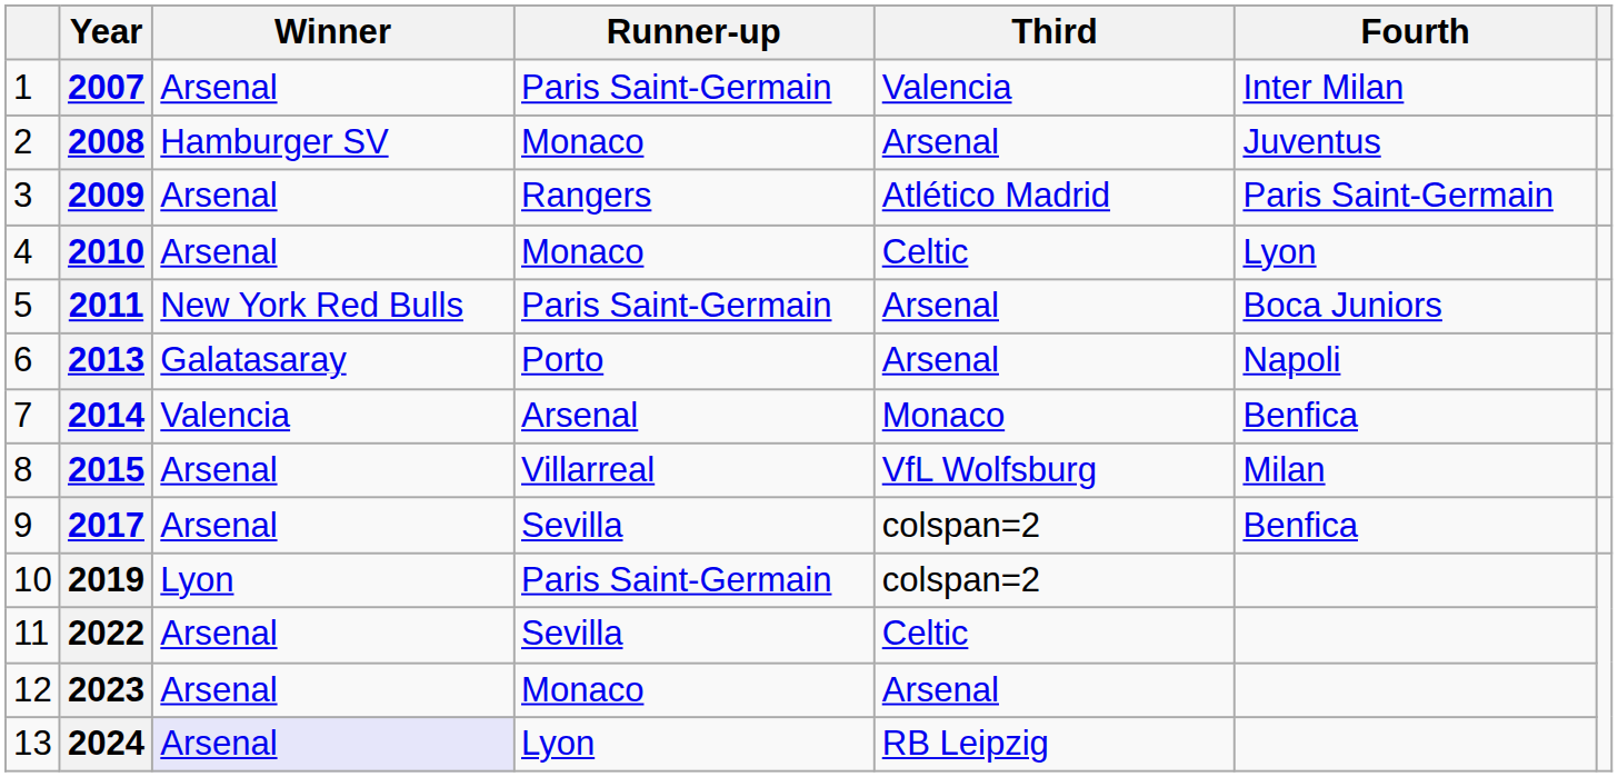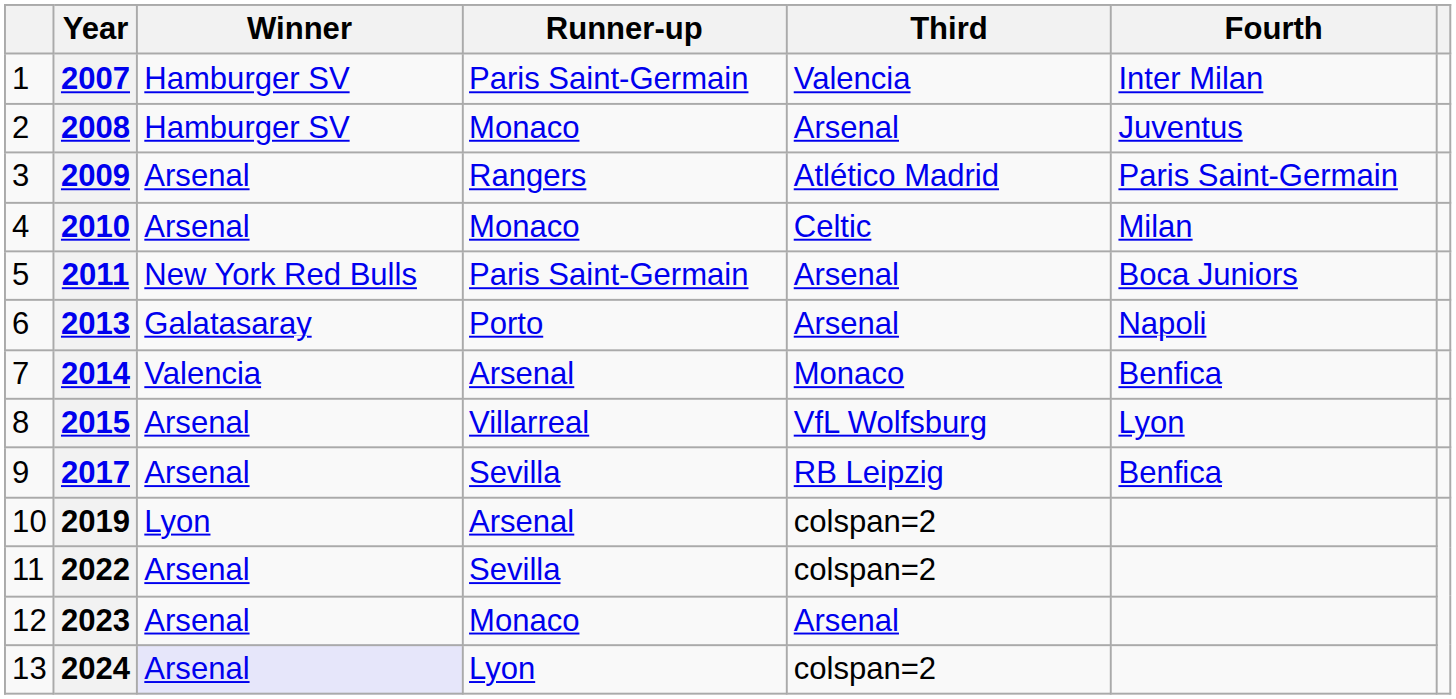 <table class="wikitable plainrowheaders sortable">
 <tr>
 <th scope="col"></th>
 <th scope="col">Year</th>
 <th style="width:160px;">Winner</th>
 <th style="width:160px;">Runner-up</th>
 <th style="width:160px;">Third</th>
 <th style="width:160px;">Fourth</th>
 <th class="unsortable"></th>
 </tr>
 <tr>
 <td>1</td>
 <th scope="row"><a href='#'>2007</a></th>
-<td> <a href='#'>Arsenal</a></td>
+<td> <a href='#'>Hamburger SV</a></td>
 <td> <a href='#'>Paris Saint-Germain</a></td>
 <td> <a href='#'>Valencia</a></td>
 <td> <a href='#'>Inter Milan</a></td>
 <td></td>
 </tr>
 <tr>
 <td>2</td>
 <th scope="row"><a href='#'>2008</a></th>
 <td> <a href='#'>Hamburger SV</a></td>
 <td> <a href='#'>Monaco</a></td>
 <td> <a href='#'>Arsenal</a></td>
 <td> <a href='#'>Juventus</a></td>
 <td></td>
 </tr>
 <tr>
 <td>3</td>
 <th scope="row"><a href='#'>2009</a></th>
 <td> <a href='#'>Arsenal</a> </td>
 <td> <a href='#'>Rangers</a></td>
 <td> <a href='#'>Atlético Madrid</a></td>
 <td> <a href='#'>Paris Saint-Germain</a></td>
 <td></td>
 </tr>
 <tr>
 <td>4</td>
 <th scope="row"><a href='#'>2010</a></th>
 <td> <a href='#'>Arsenal</a> </td>
 <td> <a href='#'>Monaco</a></td>
 <td> <a href='#'>Celtic</a></td>
-<td> <a href='#'>Lyon</a></td>
+<td> <a href='#'>Milan</a></td>
 <td></td>
 </tr>
 <tr>
 <td>5</td>
 <th scope="row"><a href='#'>2011</a></th>
 <td> <a href='#'>New York Red Bulls</a></td>
 <td> <a href='#'>Paris Saint-Germain</a></td>
 <td> <a href='#'>Arsenal</a></td>
 <td> <a href='#'>Boca Juniors</a></td>
 <td></td>
 </tr>
 <tr>
 <td>6</td>
 <th scope="row"><a href='#'>2013</a></th>
 <td> <a href='#'>Galatasaray</a></td>
 <td> <a href='#'>Porto</a></td>
 <td> <a href='#'>Arsenal</a></td>
 <td> <a href='#'>Napoli</a></td>
 <td></td>
 </tr>
 <tr>
 <td>7</td>
 <th scope="row"><a href='#'>2014</a></th>
 <td> <a href='#'>Valencia</a></td>
 <td> <a href='#'>Arsenal</a></td>
 <td> <a href='#'>Monaco</a></td>
 <td> <a href='#'>Benfica</a></td>
 <td></td>
 </tr>
 <tr>
 <td>8</td>
 <th scope="row"><a href='#'>2015</a></th>
 <td> <a href='#'>Arsenal</a> </td>
 <td> <a href='#'>Villarreal</a></td>
 <td> <a href='#'>VfL Wolfsburg</a></td>
-<td> <a href='#'>Milan</a></td>
+<td> <a href='#'>Lyon</a></td>
 <td></td>
 </tr>
 <tr>
 <td>9</td>
 <th scope="row"><a href='#'>2017</a></th>
 <td> <a href='#'>Arsenal</a> </td>
 <td> <a href='#'>Sevilla</a></td>
-<td>colspan=2 </td>
+<td> <a href='#'>RB Leipzig</a></td>
 <td> <a href='#'>Benfica</a></td>
 <td></td>
 </tr>
 <tr>
 <td>10</td>
 <th scope="row">2019</th>
 <td> <a href='#'>Lyon</a></td>
-<td> <a href='#'>Paris Saint-Germain</a></td>
+<td> <a href='#'>Arsenal</a></td>
 <td>colspan=2 </td>
 <td></td>
 </tr>
 <tr>
 <td>11</td>
 <th scope="row">2022</th>
 <td> <a href='#'>Arsenal</a> </td>
 <td> <a href='#'>Sevilla</a></td>
-<td> <a href='#'>Celtic</a></td>
+<td>colspan=2 </td>
 <td></td>
 </tr>
 <tr>
 <td>12</td>
 <th scope="row">2023</th>
 <td> <a href='#'>Arsenal</a> </td>
 <td> <a href='#'>Monaco</a></td>
 <td> <a href='#'>Arsenal</a></td>
 <td></td>
 </tr>
 <tr>
 <td>13</td>
 <th scope="row">2024</th>
 <td style="background: lavender;"> <a href='#'>Arsenal</a> </td>
 <td> <a href='#'>Lyon</a></td>
-<td> <a href='#'>RB Leipzig</a></td>
+<td>colspan=2 </td>
 <td></td>
 </tr>
 </table>
